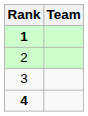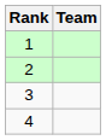 <table class=wikitable>
 <tr>
 <th>Rank</th>
 <th>Team</th>
 </tr>
 <tr bgcolor=#ccffcc>
-<td align=center><strong>1</strong></td>
+<td align=center>1</td>
 <td></td>
 </tr>
 <tr bgcolor=#ccffcc>
 <td align=center>2</td>
 <td></td>
 </tr>
 <tr>
 <td align=center>3</td>
 <td></td>
 </tr>
 <tr>
-<td align=center><strong>4</strong></td>
+<td align=center>4</td>
 <td></td>
 </tr>
 </table>
